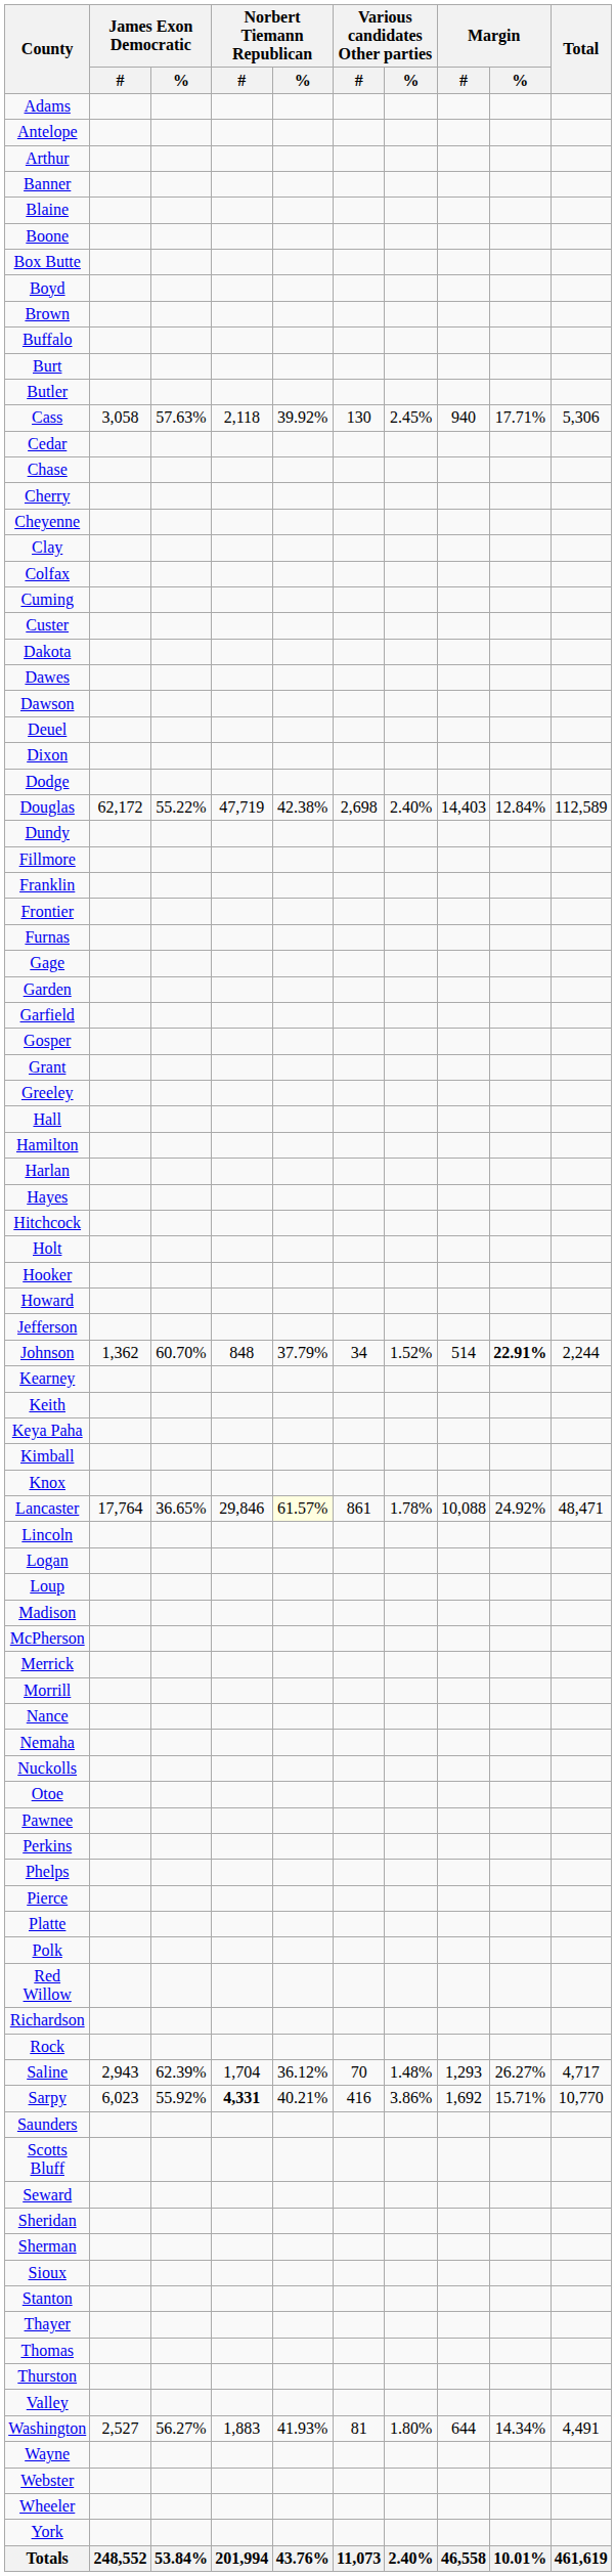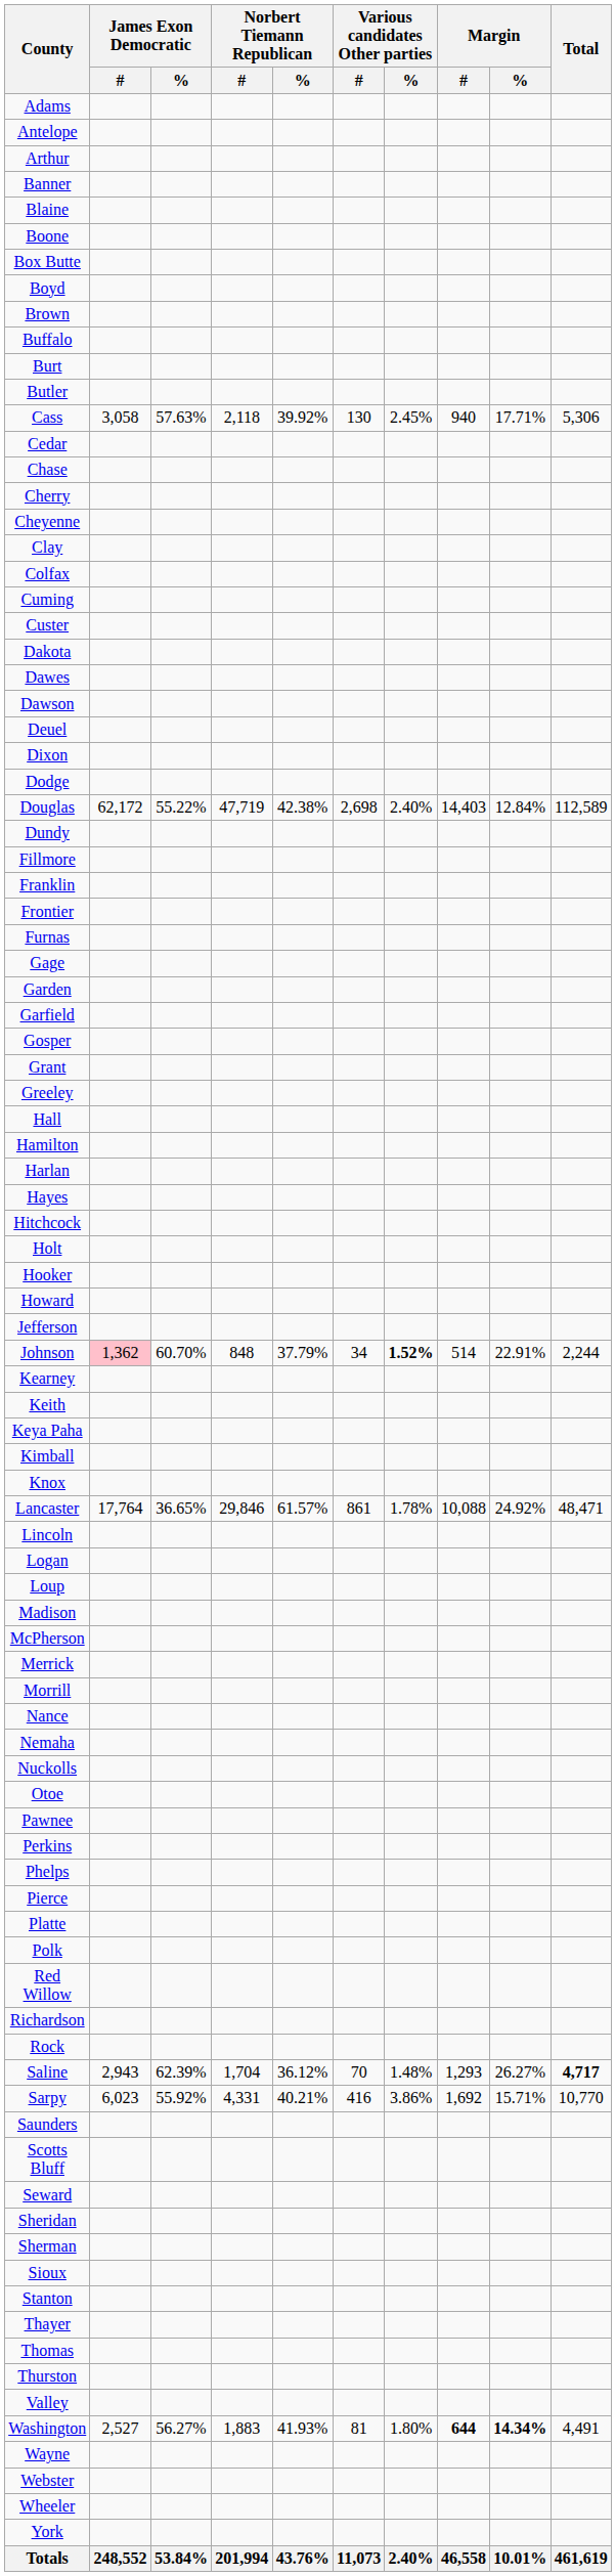 <table width="60%" class="wikitable sortable">
 <tr>
 <th rowspan="2">County</th>
 <th colspan="2">James Exon<br>Democratic</th>
 <th colspan="2">Norbert Tiemann<br>Republican</th>
 <th colspan="2">Various candidates<br>Other parties</th>
 <th colspan="2">Margin</th>
 <th rowspan="2">Total</th>
 </tr>
 <tr>
 <th style="text-align:center;" data-sort-type="number">#</th>
 <th style="text-align:center;" data-sort-type="number">%</th>
 <th style="text-align:center;" data-sort-type="number">#</th>
 <th style="text-align:center;" data-sort-type="number">%</th>
 <th style="text-align:center;" data-sort-type="number">#</th>
 <th style="text-align:center;" data-sort-type="number">%</th>
 <th style="text-align:center;" data-sort-type="number">#</th>
 <th style="text-align:center;" data-sort-type="number">%</th>
 </tr>
 <tr style="text-align:center;">
 <td><a href='#'>Adams</a></td>
 <td></td>
 <td></td>
 <td></td>
 <td></td>
 <td></td>
 <td></td>
 <td></td>
 <td></td>
 <td></td>
 </tr>
 <tr style="text-align:center;">
 <td><a href='#'>Antelope</a></td>
 <td></td>
 <td></td>
 <td></td>
 <td></td>
 <td></td>
 <td></td>
 <td></td>
 <td></td>
 <td></td>
 </tr>
 <tr style="text-align:center;">
 <td><a href='#'>Arthur</a></td>
 <td></td>
 <td></td>
 <td></td>
 <td></td>
 <td></td>
 <td></td>
 <td></td>
 <td></td>
 <td></td>
 </tr>
 <tr style="text-align:center;">
 <td><a href='#'>Banner</a></td>
 <td></td>
 <td></td>
 <td></td>
 <td></td>
 <td></td>
 <td></td>
 <td></td>
 <td></td>
 <td></td>
 </tr>
 <tr style="text-align:center;">
 <td><a href='#'>Blaine</a></td>
 <td></td>
 <td></td>
 <td></td>
 <td></td>
 <td></td>
 <td></td>
 <td></td>
 <td></td>
 <td></td>
 </tr>
 <tr style="text-align:center;">
 <td><a href='#'>Boone</a></td>
 <td></td>
 <td></td>
 <td></td>
 <td></td>
 <td></td>
 <td></td>
 <td></td>
 <td></td>
 <td></td>
 </tr>
 <tr style="text-align:center;">
 <td><a href='#'>Box Butte</a></td>
 <td></td>
 <td></td>
 <td></td>
 <td></td>
 <td></td>
 <td></td>
 <td></td>
 <td></td>
 <td></td>
 </tr>
 <tr style="text-align:center;">
 <td><a href='#'>Boyd</a></td>
 <td></td>
 <td></td>
 <td></td>
 <td></td>
 <td></td>
 <td></td>
 <td></td>
 <td></td>
 <td></td>
 </tr>
 <tr style="text-align:center;">
 <td><a href='#'>Brown</a></td>
 <td></td>
 <td></td>
 <td></td>
 <td></td>
 <td></td>
 <td></td>
 <td></td>
 <td></td>
 <td></td>
 </tr>
 <tr style="text-align:center;">
 <td><a href='#'>Buffalo</a></td>
 <td></td>
 <td></td>
 <td></td>
 <td></td>
 <td></td>
 <td></td>
 <td></td>
 <td></td>
 <td></td>
 </tr>
 <tr style="text-align:center;">
 <td><a href='#'>Burt</a></td>
 <td></td>
 <td></td>
 <td></td>
 <td></td>
 <td></td>
 <td></td>
 <td></td>
 <td></td>
 <td></td>
 </tr>
 <tr style="text-align:center;">
 <td><a href='#'>Butler</a></td>
 <td></td>
 <td></td>
 <td></td>
 <td></td>
 <td></td>
 <td></td>
 <td></td>
 <td></td>
 <td></td>
 </tr>
 <tr style="text-align:center;">
 <td><a href='#'>Cass</a></td>
 <td>3,058</td>
 <td>57.63%</td>
 <td>2,118</td>
 <td>39.92%</td>
 <td>130</td>
 <td>2.45%</td>
 <td>940</td>
 <td>17.71%</td>
 <td>5,306</td>
 </tr>
 <tr style="text-align:center;">
 <td><a href='#'>Cedar</a></td>
 <td></td>
 <td></td>
 <td></td>
 <td></td>
 <td></td>
 <td></td>
 <td></td>
 <td></td>
 <td></td>
 </tr>
 <tr style="text-align:center;">
 <td><a href='#'>Chase</a></td>
 <td></td>
 <td></td>
 <td></td>
 <td></td>
 <td></td>
 <td></td>
 <td></td>
 <td></td>
 <td></td>
 </tr>
 <tr style="text-align:center;">
 <td><a href='#'>Cherry</a></td>
 <td></td>
 <td></td>
 <td></td>
 <td></td>
 <td></td>
 <td></td>
 <td></td>
 <td></td>
 <td></td>
 </tr>
 <tr style="text-align:center;">
 <td><a href='#'>Cheyenne</a></td>
 <td></td>
 <td></td>
 <td></td>
 <td></td>
 <td></td>
 <td></td>
 <td></td>
 <td></td>
 <td></td>
 </tr>
 <tr style="text-align:center;">
 <td><a href='#'>Clay</a></td>
 <td></td>
 <td></td>
 <td></td>
 <td></td>
 <td></td>
 <td></td>
 <td></td>
 <td></td>
 <td></td>
 </tr>
 <tr style="text-align:center;">
 <td><a href='#'>Colfax</a></td>
 <td></td>
 <td></td>
 <td></td>
 <td></td>
 <td></td>
 <td></td>
 <td></td>
 <td></td>
 <td></td>
 </tr>
 <tr style="text-align:center;">
 <td><a href='#'>Cuming</a></td>
 <td></td>
 <td></td>
 <td></td>
 <td></td>
 <td></td>
 <td></td>
 <td></td>
 <td></td>
 <td></td>
 </tr>
 <tr style="text-align:center;">
 <td><a href='#'>Custer</a></td>
 <td></td>
 <td></td>
 <td></td>
 <td></td>
 <td></td>
 <td></td>
 <td></td>
 <td></td>
 <td></td>
 </tr>
 <tr style="text-align:center;">
 <td><a href='#'>Dakota</a></td>
 <td></td>
 <td></td>
 <td></td>
 <td></td>
 <td></td>
 <td></td>
 <td></td>
 <td></td>
 <td></td>
 </tr>
 <tr style="text-align:center;">
 <td><a href='#'>Dawes</a></td>
 <td></td>
 <td></td>
 <td></td>
 <td></td>
 <td></td>
 <td></td>
 <td></td>
 <td></td>
 <td></td>
 </tr>
 <tr style="text-align:center;">
 <td><a href='#'>Dawson</a></td>
 <td></td>
 <td></td>
 <td></td>
 <td></td>
 <td></td>
 <td></td>
 <td></td>
 <td></td>
 <td></td>
 </tr>
 <tr style="text-align:center;">
 <td><a href='#'>Deuel</a></td>
 <td></td>
 <td></td>
 <td></td>
 <td></td>
 <td></td>
 <td></td>
 <td></td>
 <td></td>
 <td></td>
 </tr>
 <tr style="text-align:center;">
 <td><a href='#'>Dixon</a></td>
 <td></td>
 <td></td>
 <td></td>
 <td></td>
 <td></td>
 <td></td>
 <td></td>
 <td></td>
 <td></td>
 </tr>
 <tr style="text-align:center;">
 <td><a href='#'>Dodge</a></td>
 <td></td>
 <td></td>
 <td></td>
 <td></td>
 <td></td>
 <td></td>
 <td></td>
 <td></td>
 <td></td>
 </tr>
 <tr style="text-align:center;">
 <td><a href='#'>Douglas</a></td>
 <td>62,172</td>
 <td>55.22%</td>
 <td>47,719</td>
 <td>42.38%</td>
 <td>2,698</td>
 <td>2.40%</td>
 <td>14,403</td>
 <td>12.84%</td>
 <td>112,589</td>
 </tr>
 <tr style="text-align:center;">
 <td><a href='#'>Dundy</a></td>
 <td></td>
 <td></td>
 <td></td>
 <td></td>
 <td></td>
 <td></td>
 <td></td>
 <td></td>
 <td></td>
 </tr>
 <tr style="text-align:center;">
 <td><a href='#'>Fillmore</a></td>
 <td></td>
 <td></td>
 <td></td>
 <td></td>
 <td></td>
 <td></td>
 <td></td>
 <td></td>
 <td></td>
 </tr>
 <tr style="text-align:center;">
 <td><a href='#'>Franklin</a></td>
 <td></td>
 <td></td>
 <td></td>
 <td></td>
 <td></td>
 <td></td>
 <td></td>
 <td></td>
 <td></td>
 </tr>
 <tr style="text-align:center;">
 <td><a href='#'>Frontier</a></td>
 <td></td>
 <td></td>
 <td></td>
 <td></td>
 <td></td>
 <td></td>
 <td></td>
 <td></td>
 <td></td>
 </tr>
 <tr style="text-align:center;">
 <td><a href='#'>Furnas</a></td>
 <td></td>
 <td></td>
 <td></td>
 <td></td>
 <td></td>
 <td></td>
 <td></td>
 <td></td>
 <td></td>
 </tr>
 <tr style="text-align:center;">
 <td><a href='#'>Gage</a></td>
 <td></td>
 <td></td>
 <td></td>
 <td></td>
 <td></td>
 <td></td>
 <td></td>
 <td></td>
 <td></td>
 </tr>
 <tr style="text-align:center;">
 <td><a href='#'>Garden</a></td>
 <td></td>
 <td></td>
 <td></td>
 <td></td>
 <td></td>
 <td></td>
 <td></td>
 <td></td>
 <td></td>
 </tr>
 <tr style="text-align:center;">
 <td><a href='#'>Garfield</a></td>
 <td></td>
 <td></td>
 <td></td>
 <td></td>
 <td></td>
 <td></td>
 <td></td>
 <td></td>
 <td></td>
 </tr>
 <tr style="text-align:center;">
 <td><a href='#'>Gosper</a></td>
 <td></td>
 <td></td>
 <td></td>
 <td></td>
 <td></td>
 <td></td>
 <td></td>
 <td></td>
 <td></td>
 </tr>
 <tr style="text-align:center;">
 <td><a href='#'>Grant</a></td>
 <td></td>
 <td></td>
 <td></td>
 <td></td>
 <td></td>
 <td></td>
 <td></td>
 <td></td>
 <td></td>
 </tr>
 <tr style="text-align:center;">
 <td><a href='#'>Greeley</a></td>
 <td></td>
 <td></td>
 <td></td>
 <td></td>
 <td></td>
 <td></td>
 <td></td>
 <td></td>
 <td></td>
 </tr>
 <tr style="text-align:center;">
 <td><a href='#'>Hall</a></td>
 <td></td>
 <td></td>
 <td></td>
 <td></td>
 <td></td>
 <td></td>
 <td></td>
 <td></td>
 <td></td>
 </tr>
 <tr style="text-align:center;">
 <td><a href='#'>Hamilton</a></td>
 <td></td>
 <td></td>
 <td></td>
 <td></td>
 <td></td>
 <td></td>
 <td></td>
 <td></td>
 <td></td>
 </tr>
 <tr style="text-align:center;">
 <td><a href='#'>Harlan</a></td>
 <td></td>
 <td></td>
 <td></td>
 <td></td>
 <td></td>
 <td></td>
 <td></td>
 <td></td>
 <td></td>
 </tr>
 <tr style="text-align:center;">
 <td><a href='#'>Hayes</a></td>
 <td></td>
 <td></td>
 <td></td>
 <td></td>
 <td></td>
 <td></td>
 <td></td>
 <td></td>
 <td></td>
 </tr>
 <tr style="text-align:center;">
 <td><a href='#'>Hitchcock</a></td>
 <td></td>
 <td></td>
 <td></td>
 <td></td>
 <td></td>
 <td></td>
 <td></td>
 <td></td>
 <td></td>
 </tr>
 <tr style="text-align:center;">
 <td><a href='#'>Holt</a></td>
 <td></td>
 <td></td>
 <td></td>
 <td></td>
 <td></td>
 <td></td>
 <td></td>
 <td></td>
 <td></td>
 </tr>
 <tr style="text-align:center;">
 <td><a href='#'>Hooker</a></td>
 <td></td>
 <td></td>
 <td></td>
 <td></td>
 <td></td>
 <td></td>
 <td></td>
 <td></td>
 <td></td>
 </tr>
 <tr style="text-align:center;">
 <td><a href='#'>Howard</a></td>
 <td></td>
 <td></td>
 <td></td>
 <td></td>
 <td></td>
 <td></td>
 <td></td>
 <td></td>
 <td></td>
 </tr>
 <tr style="text-align:center;">
 <td><a href='#'>Jefferson</a></td>
 <td></td>
 <td></td>
 <td></td>
 <td></td>
 <td></td>
 <td></td>
 <td></td>
 <td></td>
 <td></td>
 </tr>
 <tr style="text-align:center;">
 <td><a href='#'>Johnson</a></td>
-<td>1,362</td>
+<td style="background: pink;">1,362</td>
 <td>60.70%</td>
 <td>848</td>
 <td>37.79%</td>
 <td>34</td>
-<td>1.52%</td>
+<td><strong>1.52%</strong></td>
 <td>514</td>
-<td><strong>22.91%</strong></td>
+<td>22.91%</td>
 <td>2,244</td>
 </tr>
 <tr style="text-align:center;">
 <td><a href='#'>Kearney</a></td>
 <td></td>
 <td></td>
 <td></td>
 <td></td>
 <td></td>
 <td></td>
 <td></td>
 <td></td>
 <td></td>
 </tr>
 <tr style="text-align:center;">
 <td><a href='#'>Keith</a></td>
 <td></td>
 <td></td>
 <td></td>
 <td></td>
 <td></td>
 <td></td>
 <td></td>
 <td></td>
 <td></td>
 </tr>
 <tr style="text-align:center;">
 <td><a href='#'>Keya Paha</a></td>
 <td></td>
 <td></td>
 <td></td>
 <td></td>
 <td></td>
 <td></td>
 <td></td>
 <td></td>
 <td></td>
 </tr>
 <tr style="text-align:center;">
 <td><a href='#'>Kimball</a></td>
 <td></td>
 <td></td>
 <td></td>
 <td></td>
 <td></td>
 <td></td>
 <td></td>
 <td></td>
 <td></td>
 </tr>
 <tr style="text-align:center;">
 <td><a href='#'>Knox</a></td>
 <td></td>
 <td></td>
 <td></td>
 <td></td>
 <td></td>
 <td></td>
 <td></td>
 <td></td>
 <td></td>
 </tr>
 <tr style="text-align:center;">
 <td><a href='#'>Lancaster</a></td>
 <td>17,764</td>
 <td>36.65%</td>
 <td>29,846</td>
-<td style="background: lightyellow;">61.57%</td>
+<td>61.57%</td>
 <td>861</td>
 <td>1.78%</td>
 <td>10,088</td>
 <td>24.92%</td>
 <td>48,471</td>
 </tr>
 <tr style="text-align:center;">
 <td><a href='#'>Lincoln</a></td>
 <td></td>
 <td></td>
 <td></td>
 <td></td>
 <td></td>
 <td></td>
 <td></td>
 <td></td>
 <td></td>
 </tr>
 <tr style="text-align:center;">
 <td><a href='#'>Logan</a></td>
 <td></td>
 <td></td>
 <td></td>
 <td></td>
 <td></td>
 <td></td>
 <td></td>
 <td></td>
 <td></td>
 </tr>
 <tr style="text-align:center;">
 <td><a href='#'>Loup</a></td>
 <td></td>
 <td></td>
 <td></td>
 <td></td>
 <td></td>
 <td></td>
 <td></td>
 <td></td>
 <td></td>
 </tr>
 <tr style="text-align:center;">
 <td><a href='#'>Madison</a></td>
 <td></td>
 <td></td>
 <td></td>
 <td></td>
 <td></td>
 <td></td>
 <td></td>
 <td></td>
 <td></td>
 </tr>
 <tr style="text-align:center;">
 <td><a href='#'>McPherson</a></td>
 <td></td>
 <td></td>
 <td></td>
 <td></td>
 <td></td>
 <td></td>
 <td></td>
 <td></td>
 <td></td>
 </tr>
 <tr style="text-align:center;">
 <td><a href='#'>Merrick</a></td>
 <td></td>
 <td></td>
 <td></td>
 <td></td>
 <td></td>
 <td></td>
 <td></td>
 <td></td>
 <td></td>
 </tr>
 <tr style="text-align:center;">
 <td><a href='#'>Morrill</a></td>
 <td></td>
 <td></td>
 <td></td>
 <td></td>
 <td></td>
 <td></td>
 <td></td>
 <td></td>
 <td></td>
 </tr>
 <tr style="text-align:center;">
 <td><a href='#'>Nance</a></td>
 <td></td>
 <td></td>
 <td></td>
 <td></td>
 <td></td>
 <td></td>
 <td></td>
 <td></td>
 <td></td>
 </tr>
 <tr style="text-align:center;">
 <td><a href='#'>Nemaha</a></td>
 <td></td>
 <td></td>
 <td></td>
 <td></td>
 <td></td>
 <td></td>
 <td></td>
 <td></td>
 <td></td>
 </tr>
 <tr style="text-align:center;">
 <td><a href='#'>Nuckolls</a></td>
 <td></td>
 <td></td>
 <td></td>
 <td></td>
 <td></td>
 <td></td>
 <td></td>
 <td></td>
 <td></td>
 </tr>
 <tr style="text-align:center;">
 <td><a href='#'>Otoe</a></td>
 <td></td>
 <td></td>
 <td></td>
 <td></td>
 <td></td>
 <td></td>
 <td></td>
 <td></td>
 <td></td>
 </tr>
 <tr style="text-align:center;">
 <td><a href='#'>Pawnee</a></td>
 <td></td>
 <td></td>
 <td></td>
 <td></td>
 <td></td>
 <td></td>
 <td></td>
 <td></td>
 <td></td>
 </tr>
 <tr style="text-align:center;">
 <td><a href='#'>Perkins</a></td>
 <td></td>
 <td></td>
 <td></td>
 <td></td>
 <td></td>
 <td></td>
 <td></td>
 <td></td>
 <td></td>
 </tr>
 <tr style="text-align:center;">
 <td><a href='#'>Phelps</a></td>
 <td></td>
 <td></td>
 <td></td>
 <td></td>
 <td></td>
 <td></td>
 <td></td>
 <td></td>
 <td></td>
 </tr>
 <tr style="text-align:center;">
 <td><a href='#'>Pierce</a></td>
 <td></td>
 <td></td>
 <td></td>
 <td></td>
 <td></td>
 <td></td>
 <td></td>
 <td></td>
 <td></td>
 </tr>
 <tr style="text-align:center;">
 <td><a href='#'>Platte</a></td>
 <td></td>
 <td></td>
 <td></td>
 <td></td>
 <td></td>
 <td></td>
 <td></td>
 <td></td>
 <td></td>
 </tr>
 <tr style="text-align:center;">
 <td><a href='#'>Polk</a></td>
 <td></td>
 <td></td>
 <td></td>
 <td></td>
 <td></td>
 <td></td>
 <td></td>
 <td></td>
 <td></td>
 </tr>
 <tr style="text-align:center;">
 <td><a href='#'>Red Willow</a></td>
 <td></td>
 <td></td>
 <td></td>
 <td></td>
 <td></td>
 <td></td>
 <td></td>
 <td></td>
 <td></td>
 </tr>
 <tr style="text-align:center;">
 <td><a href='#'>Richardson</a></td>
 <td></td>
 <td></td>
 <td></td>
 <td></td>
 <td></td>
 <td></td>
 <td></td>
 <td></td>
 <td></td>
 </tr>
 <tr style="text-align:center;">
 <td><a href='#'>Rock</a></td>
 <td></td>
 <td></td>
 <td></td>
 <td></td>
 <td></td>
 <td></td>
 <td></td>
 <td></td>
 <td></td>
 </tr>
 <tr style="text-align:center;">
 <td><a href='#'>Saline</a></td>
 <td>2,943</td>
 <td>62.39%</td>
 <td>1,704</td>
 <td>36.12%</td>
 <td>70</td>
 <td>1.48%</td>
 <td>1,293</td>
 <td>26.27%</td>
-<td>4,717</td>
+<td><strong>4,717</strong></td>
 </tr>
 <tr style="text-align:center;">
 <td><a href='#'>Sarpy</a></td>
 <td>6,023</td>
 <td>55.92%</td>
-<td><strong>4,331</strong></td>
+<td>4,331</td>
 <td>40.21%</td>
 <td>416</td>
 <td>3.86%</td>
 <td>1,692</td>
 <td>15.71%</td>
 <td>10,770</td>
 </tr>
 <tr style="text-align:center;">
 <td><a href='#'>Saunders</a></td>
 <td></td>
 <td></td>
 <td></td>
 <td></td>
 <td></td>
 <td></td>
 <td></td>
 <td></td>
 <td></td>
 </tr>
 <tr style="text-align:center;">
 <td><a href='#'>Scotts Bluff</a></td>
 <td></td>
 <td></td>
 <td></td>
 <td></td>
 <td></td>
 <td></td>
 <td></td>
 <td></td>
 <td></td>
 </tr>
 <tr style="text-align:center;">
 <td><a href='#'>Seward</a></td>
 <td></td>
 <td></td>
 <td></td>
 <td></td>
 <td></td>
 <td></td>
 <td></td>
 <td></td>
 <td></td>
 </tr>
 <tr style="text-align:center;">
 <td><a href='#'>Sheridan</a></td>
 <td></td>
 <td></td>
 <td></td>
 <td></td>
 <td></td>
 <td></td>
 <td></td>
 <td></td>
 <td></td>
 </tr>
 <tr style="text-align:center;">
 <td><a href='#'>Sherman</a></td>
 <td></td>
 <td></td>
 <td></td>
 <td></td>
 <td></td>
 <td></td>
 <td></td>
 <td></td>
 <td></td>
 </tr>
 <tr style="text-align:center;">
 <td><a href='#'>Sioux</a></td>
 <td></td>
 <td></td>
 <td></td>
 <td></td>
 <td></td>
 <td></td>
 <td></td>
 <td></td>
 <td></td>
 </tr>
 <tr style="text-align:center;">
 <td><a href='#'>Stanton</a></td>
 <td></td>
 <td></td>
 <td></td>
 <td></td>
 <td></td>
 <td></td>
 <td></td>
 <td></td>
 <td></td>
 </tr>
 <tr style="text-align:center;">
 <td><a href='#'>Thayer</a></td>
 <td></td>
 <td></td>
 <td></td>
 <td></td>
 <td></td>
 <td></td>
 <td></td>
 <td></td>
 <td></td>
 </tr>
 <tr style="text-align:center;">
 <td><a href='#'>Thomas</a></td>
 <td></td>
 <td></td>
 <td></td>
 <td></td>
 <td></td>
 <td></td>
 <td></td>
 <td></td>
 <td></td>
 </tr>
 <tr style="text-align:center;">
 <td><a href='#'>Thurston</a></td>
 <td></td>
 <td></td>
 <td></td>
 <td></td>
 <td></td>
 <td></td>
 <td></td>
 <td></td>
 <td></td>
 </tr>
 <tr style="text-align:center;">
 <td><a href='#'>Valley</a></td>
 <td></td>
 <td></td>
 <td></td>
 <td></td>
 <td></td>
 <td></td>
 <td></td>
 <td></td>
 <td></td>
 </tr>
 <tr style="text-align:center;">
 <td><a href='#'>Washington</a></td>
 <td>2,527</td>
 <td>56.27%</td>
 <td>1,883</td>
 <td>41.93%</td>
 <td>81</td>
 <td>1.80%</td>
-<td>644</td>
-<td>14.34%</td>
+<td><strong>644</strong></td>
+<td><strong>14.34%</strong></td>
 <td>4,491</td>
 </tr>
 <tr style="text-align:center;">
 <td><a href='#'>Wayne</a></td>
 <td></td>
 <td></td>
 <td></td>
 <td></td>
 <td></td>
 <td></td>
 <td></td>
 <td></td>
 <td></td>
 </tr>
 <tr style="text-align:center;">
 <td><a href='#'>Webster</a></td>
 <td></td>
 <td></td>
 <td></td>
 <td></td>
 <td></td>
 <td></td>
 <td></td>
 <td></td>
 <td></td>
 </tr>
 <tr style="text-align:center;">
 <td><a href='#'>Wheeler</a></td>
 <td></td>
 <td></td>
 <td></td>
 <td></td>
 <td></td>
 <td></td>
 <td></td>
 <td></td>
 <td></td>
 </tr>
 <tr style="text-align:center;">
 <td><a href='#'>York</a></td>
 <td></td>
 <td></td>
 <td></td>
 <td></td>
 <td></td>
 <td></td>
 <td></td>
 <td></td>
 <td></td>
 </tr>
 <tr>
 <th>Totals</th>
 <th>248,552</th>
 <th>53.84%</th>
 <th>201,994</th>
 <th>43.76%</th>
 <th>11,073</th>
 <th>2.40%</th>
 <th>46,558</th>
 <th>10.01%</th>
 <th>461,619</th>
 </tr>
 </table>
